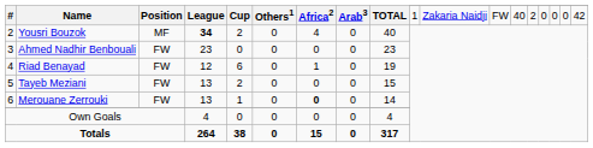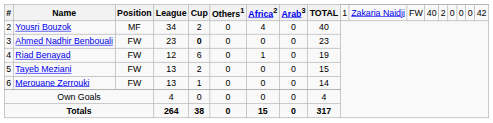 <table class="wikitable plainrowheaders sortable" style="text-align:center;font-size:90%">
 <tr>
 <th rowspan=2>#</th>
 <th rowspan=2>Name</th>
 <th rowspan=2>Position</th>
 <th rowspan=2>League</th>
 <th rowspan=2>Cup</th>
 <th rowspan=2>Others<sup>1</sup><br></th>
 <th rowspan=2><a href='#'>Africa</a><sup>2</sup><br></th>
 <th rowspan=2><a href='#'>Arab</a><sup>3</sup><br></th>
 <th rowspan=2>TOTAL</th>
 </tr>
 <tr>
 <td>1</td>
 <td align="left"> <a href='#'>Zakaria Naidji</a></td>
 <td>FW</td>
 <td>40</td>
 <td>2</td>
 <td>0</td>
 <td>0</td>
 <td>0</td>
 <td>42</td>
 </tr>
 <tr>
 <td>2</td>
 <td align="left"> <a href='#'>Yousri Bouzok</a></td>
 <td>MF</td>
-<td><strong>34</strong></td>
+<td>34</td>
 <td>2</td>
 <td>0</td>
 <td>4</td>
 <td>0</td>
 <td>40</td>
 </tr>
 <tr>
 <td>3</td>
 <td align="left"> <a href='#'>Ahmed Nadhir Benbouali</a></td>
 <td>FW</td>
 <td>23</td>
-<td>0</td>
+<td><strong>0</strong></td>
 <td>0</td>
 <td>0</td>
 <td>0</td>
 <td>23</td>
 </tr>
 <tr>
 <td>4</td>
 <td align="left"> <a href='#'>Riad Benayad</a></td>
 <td>FW</td>
 <td>12</td>
 <td>6</td>
 <td>0</td>
 <td>1</td>
 <td>0</td>
 <td>19</td>
 </tr>
 <tr>
 <td>5</td>
 <td align="left"> <a href='#'>Tayeb Meziani</a></td>
 <td>FW</td>
 <td>13</td>
 <td>2</td>
 <td>0</td>
 <td>0</td>
 <td>0</td>
 <td>15</td>
 </tr>
 <tr>
 <td>6</td>
 <td align="left"> <a href='#'>Merouane Zerrouki</a></td>
 <td>FW</td>
 <td>13</td>
 <td>1</td>
 <td>0</td>
-<td><strong>0</strong></td>
+<td>0</td>
 <td>0</td>
 <td>14</td>
 </tr>
 <tr>
 </tr>
 <tr class="sortbottom">
 <td colspan="3">Own Goals</td>
 <td>4</td>
 <td>0</td>
 <td>0</td>
 <td>0</td>
 <td>0</td>
 <td>4</td>
 </tr>
 <tr class="sortbottom">
 <td colspan="3"><strong>Totals</strong></td>
 <td><strong>264</strong></td>
 <td><strong>38</strong></td>
 <td><strong>0</strong></td>
 <td><strong>15</strong></td>
 <td><strong>0</strong></td>
 <td><strong>317</strong></td>
 </tr>
 </table>
